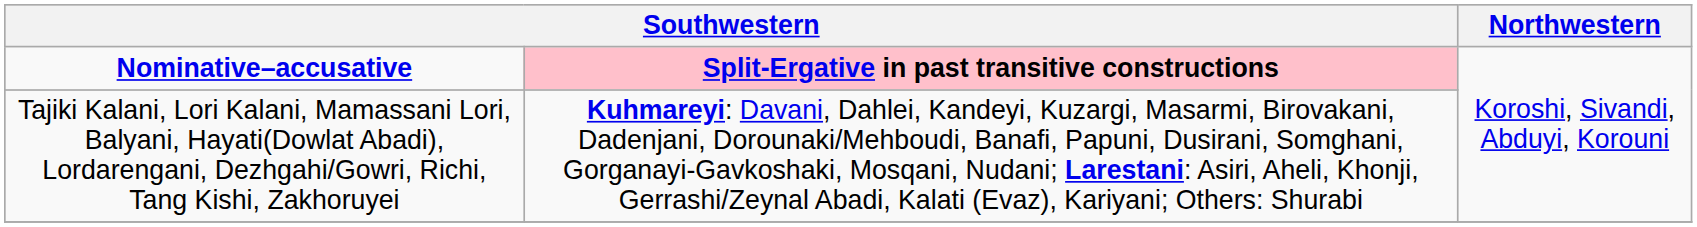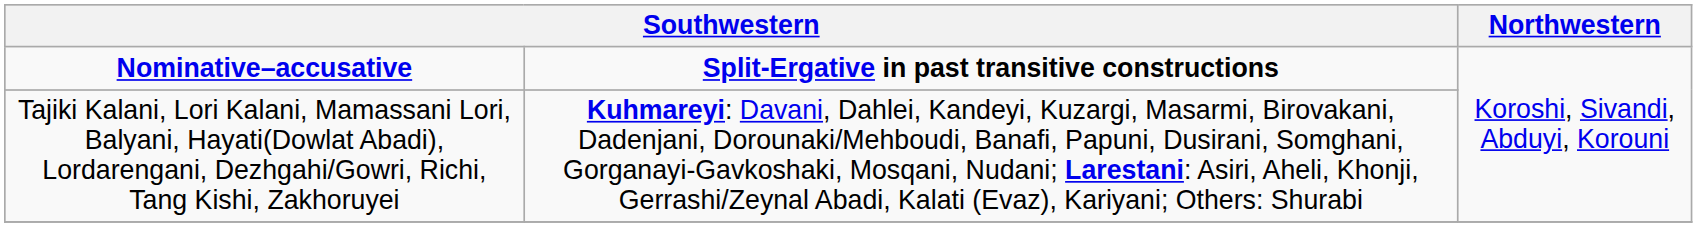 <table class="wikitable" style="font-size:100%; text-align:center; width:80%">
 <tr>
 <th colspan="2"><a href='#'>Southwestern</a></th>
 <th><a href='#'>Northwestern</a></th>
 </tr>
 <tr>
 <td style="font-weight: bold;"><a href='#'>Nominative–accusative</a></td>
-<td style="background: pink; font-weight: bold;"><a href='#'>Split-Ergative</a> in past transitive constructions</td>
+<td style="font-weight: bold;"><a href='#'>Split-Ergative</a> in past transitive constructions</td>
 </tr>
 <tr>
 <td>Tajiki Kalani, Lori Kalani, Mamassani Lori, Balyani, Hayati(Dowlat Abadi), Lordarengani, Dezhgahi/Gowri, Richi, Tang Kishi, Zakhoruyei</td>
 <td><strong><a href='#'>Kuhmareyi</a></strong>: <a href='#'>Davani</a>, Dahlei, Kandeyi, Kuzargi, Masarmi, Birovakani, Dadenjani, Dorounaki/Mehboudi, Banafi, Papuni, Dusirani, Somghani, Gorganayi-Gavkoshaki, Mosqani, Nudani; <strong><a href='#'>Larestani</a></strong>: Asiri, Aheli, Khonji, Gerrashi/Zeynal Abadi, Kalati (Evaz), Kariyani; Others: Shurabi</td>
 <td style="border-top:0px;" valign="top"><a href='#'>Koroshi</a>, <a href='#'>Sivandi</a>, <a href='#'>Abduyi</a>, <a href='#'>Korouni</a></td>
 </tr>
 <tr>
 </tr>
 </table>
